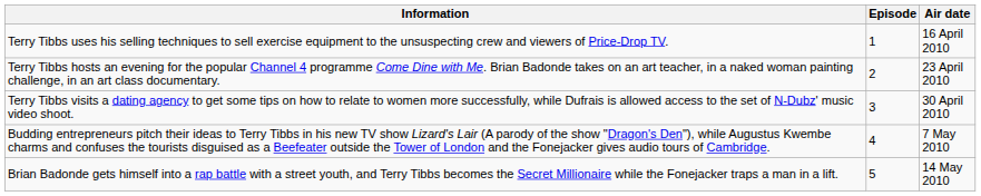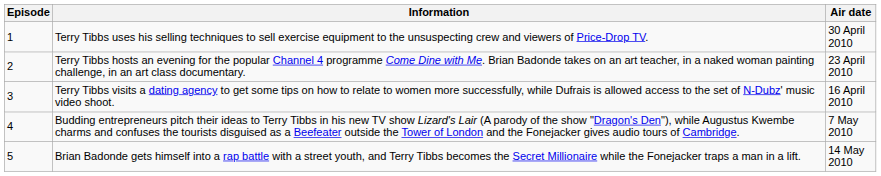 <table class="wikitable"  style="width:100%; margin-right:0;">
 <tr>
+<th>Episode</th>
 <th>Information</th>
-<th>Episode</th>
 <th>Air date</th>
 </tr>
 <tr>
+<td>1</td>
 <td>Terry Tibbs uses his selling techniques to sell exercise equipment to the unsuspecting crew and viewers of <a href='#'>Price-Drop TV</a>.</td>
-<td>1</td>
+<td>30 April 2010</td>
+</tr>
+<tr>
+<td>2</td>
+<td>Terry Tibbs hosts an evening for the popular <a href='#'>Channel 4</a> programme <em><a href='#'>Come Dine with Me</a></em>. Brian Badonde takes on an art teacher, in a naked woman painting challenge, in an art class documentary.</td>
+<td>23 April 2010</td>
+</tr>
+<tr>
+<td>3</td>
+<td>Terry Tibbs visits a <a href='#'>dating agency</a> to get some tips on how to relate to women more successfully, while Dufrais is allowed access to the set of <a href='#'>N-Dubz</a>' music video shoot.</td>
 <td>16 April 2010</td>
 </tr>
 <tr>
-<td>Terry Tibbs hosts an evening for the popular <a href='#'>Channel 4</a> programme <em><a href='#'>Come Dine with Me</a></em>. Brian Badonde takes on an art teacher, in a naked woman painting challenge, in an art class documentary.</td>
-<td>2</td>
-<td>23 April 2010</td>
-</tr>
-<tr>
-<td>Terry Tibbs visits a <a href='#'>dating agency</a> to get some tips on how to relate to women more successfully, while Dufrais is allowed access to the set of <a href='#'>N-Dubz</a>' music video shoot.</td>
-<td>3</td>
-<td>30 April 2010</td>
-</tr>
-<tr>
+<td>4</td>
 <td>Budding entrepreneurs pitch their ideas to Terry Tibbs in his new TV show <em>Lizard's Lair</em> (A parody of the show "<a href='#'>Dragon's Den</a>"), while Augustus Kwembe charms and confuses the tourists disguised as a <a href='#'>Beefeater</a> outside the <a href='#'>Tower of London</a> and the Fonejacker gives audio tours of <a href='#'>Cambridge</a>.</td>
-<td>4</td>
 <td>7 May 2010</td>
 </tr>
 <tr>
+<td>5</td>
 <td>Brian Badonde gets himself into a <a href='#'>rap battle</a> with a street youth, and Terry Tibbs becomes the <a href='#'>Secret Millionaire</a> while the Fonejacker traps a man in a lift.</td>
-<td>5</td>
 <td>14 May 2010</td>
 </tr>
 </table>
